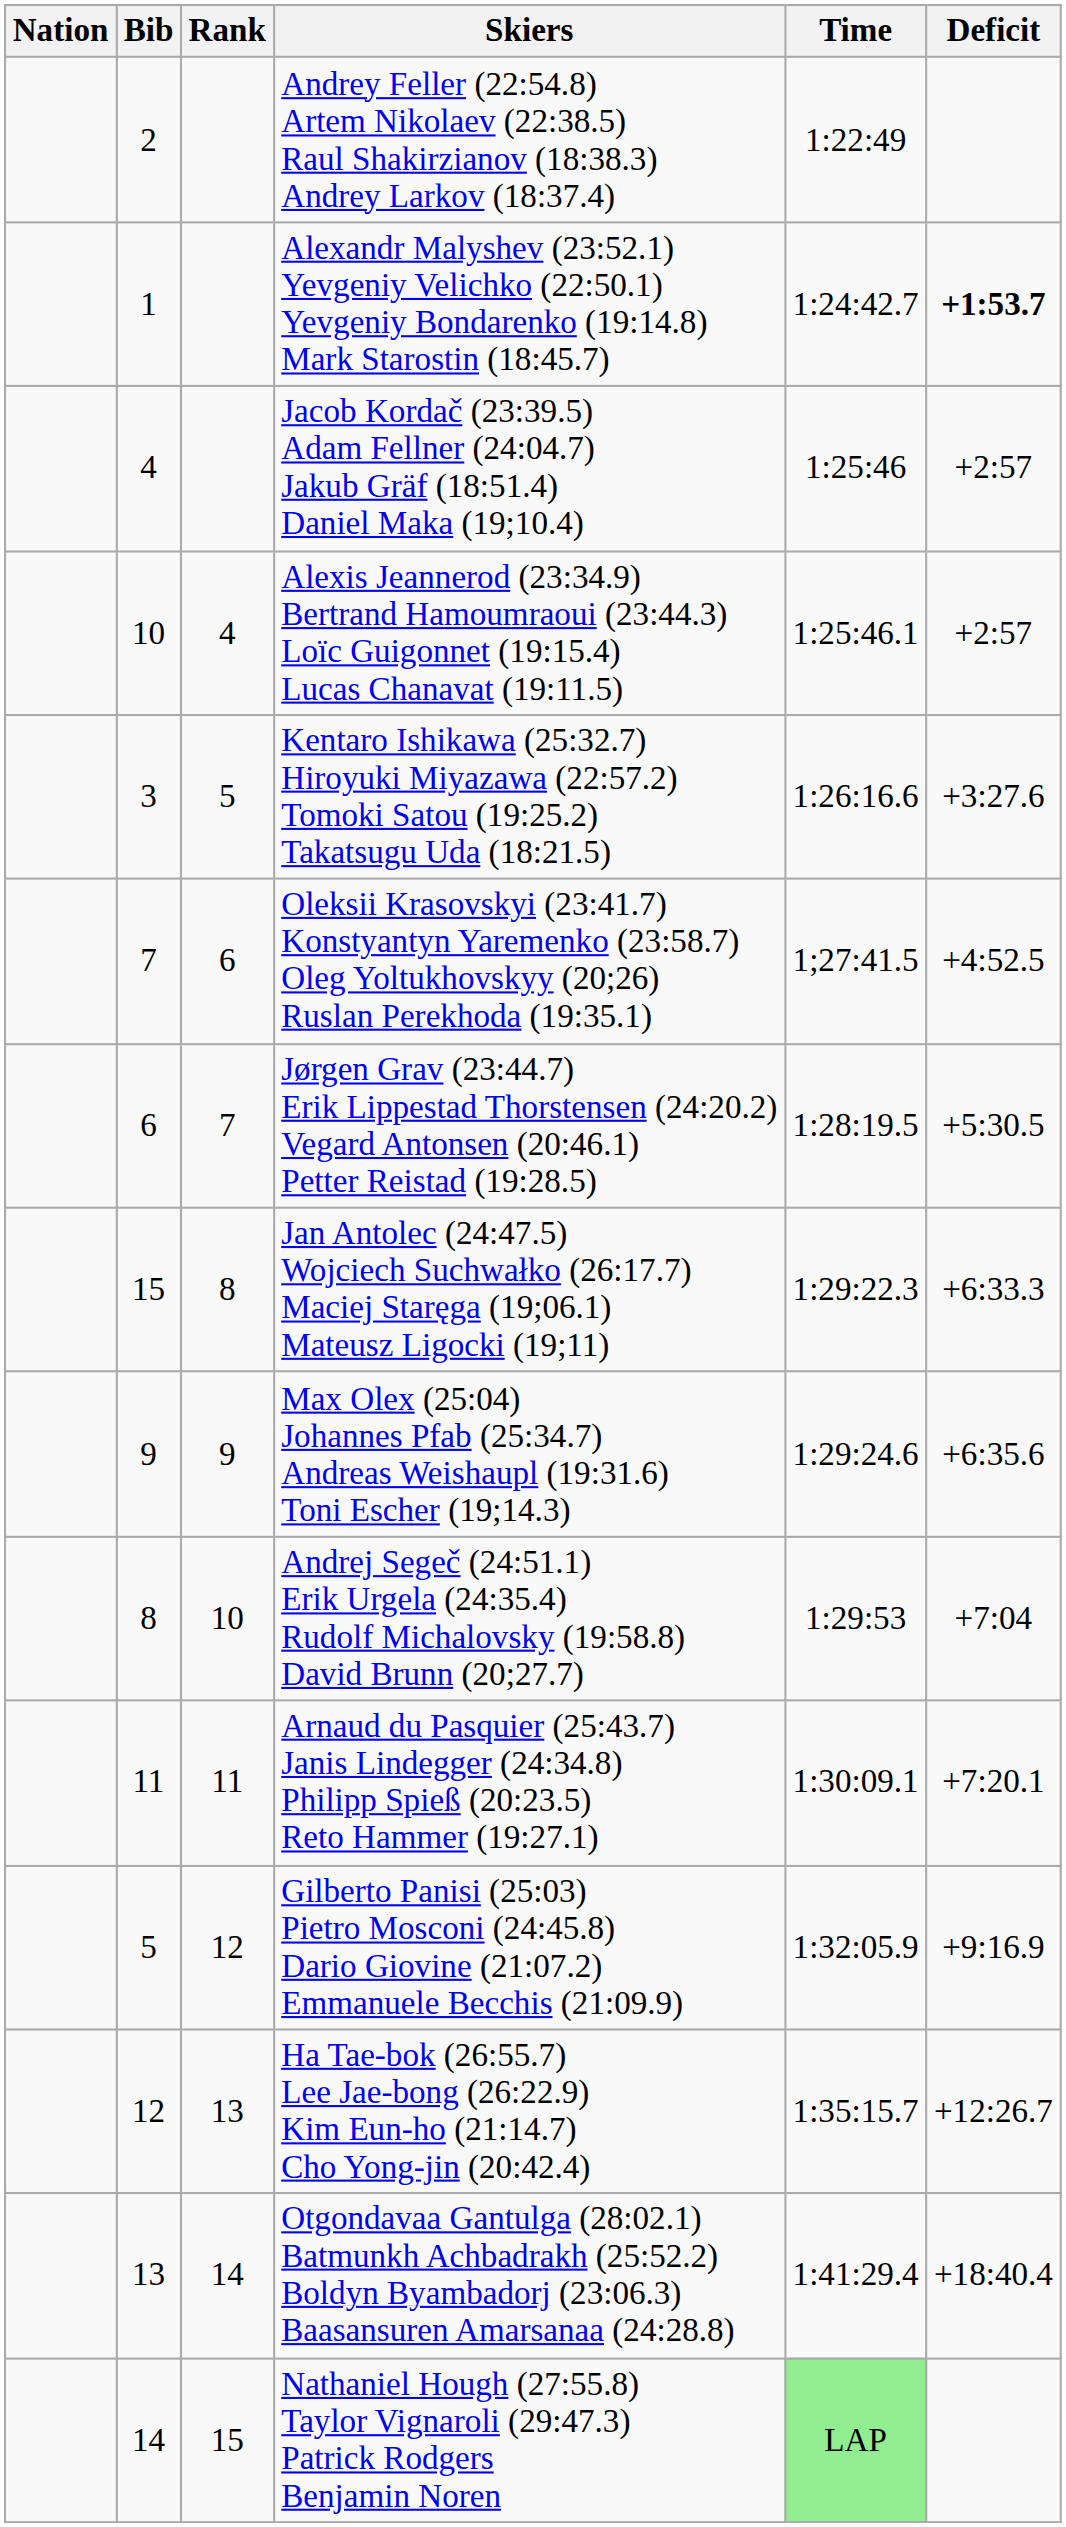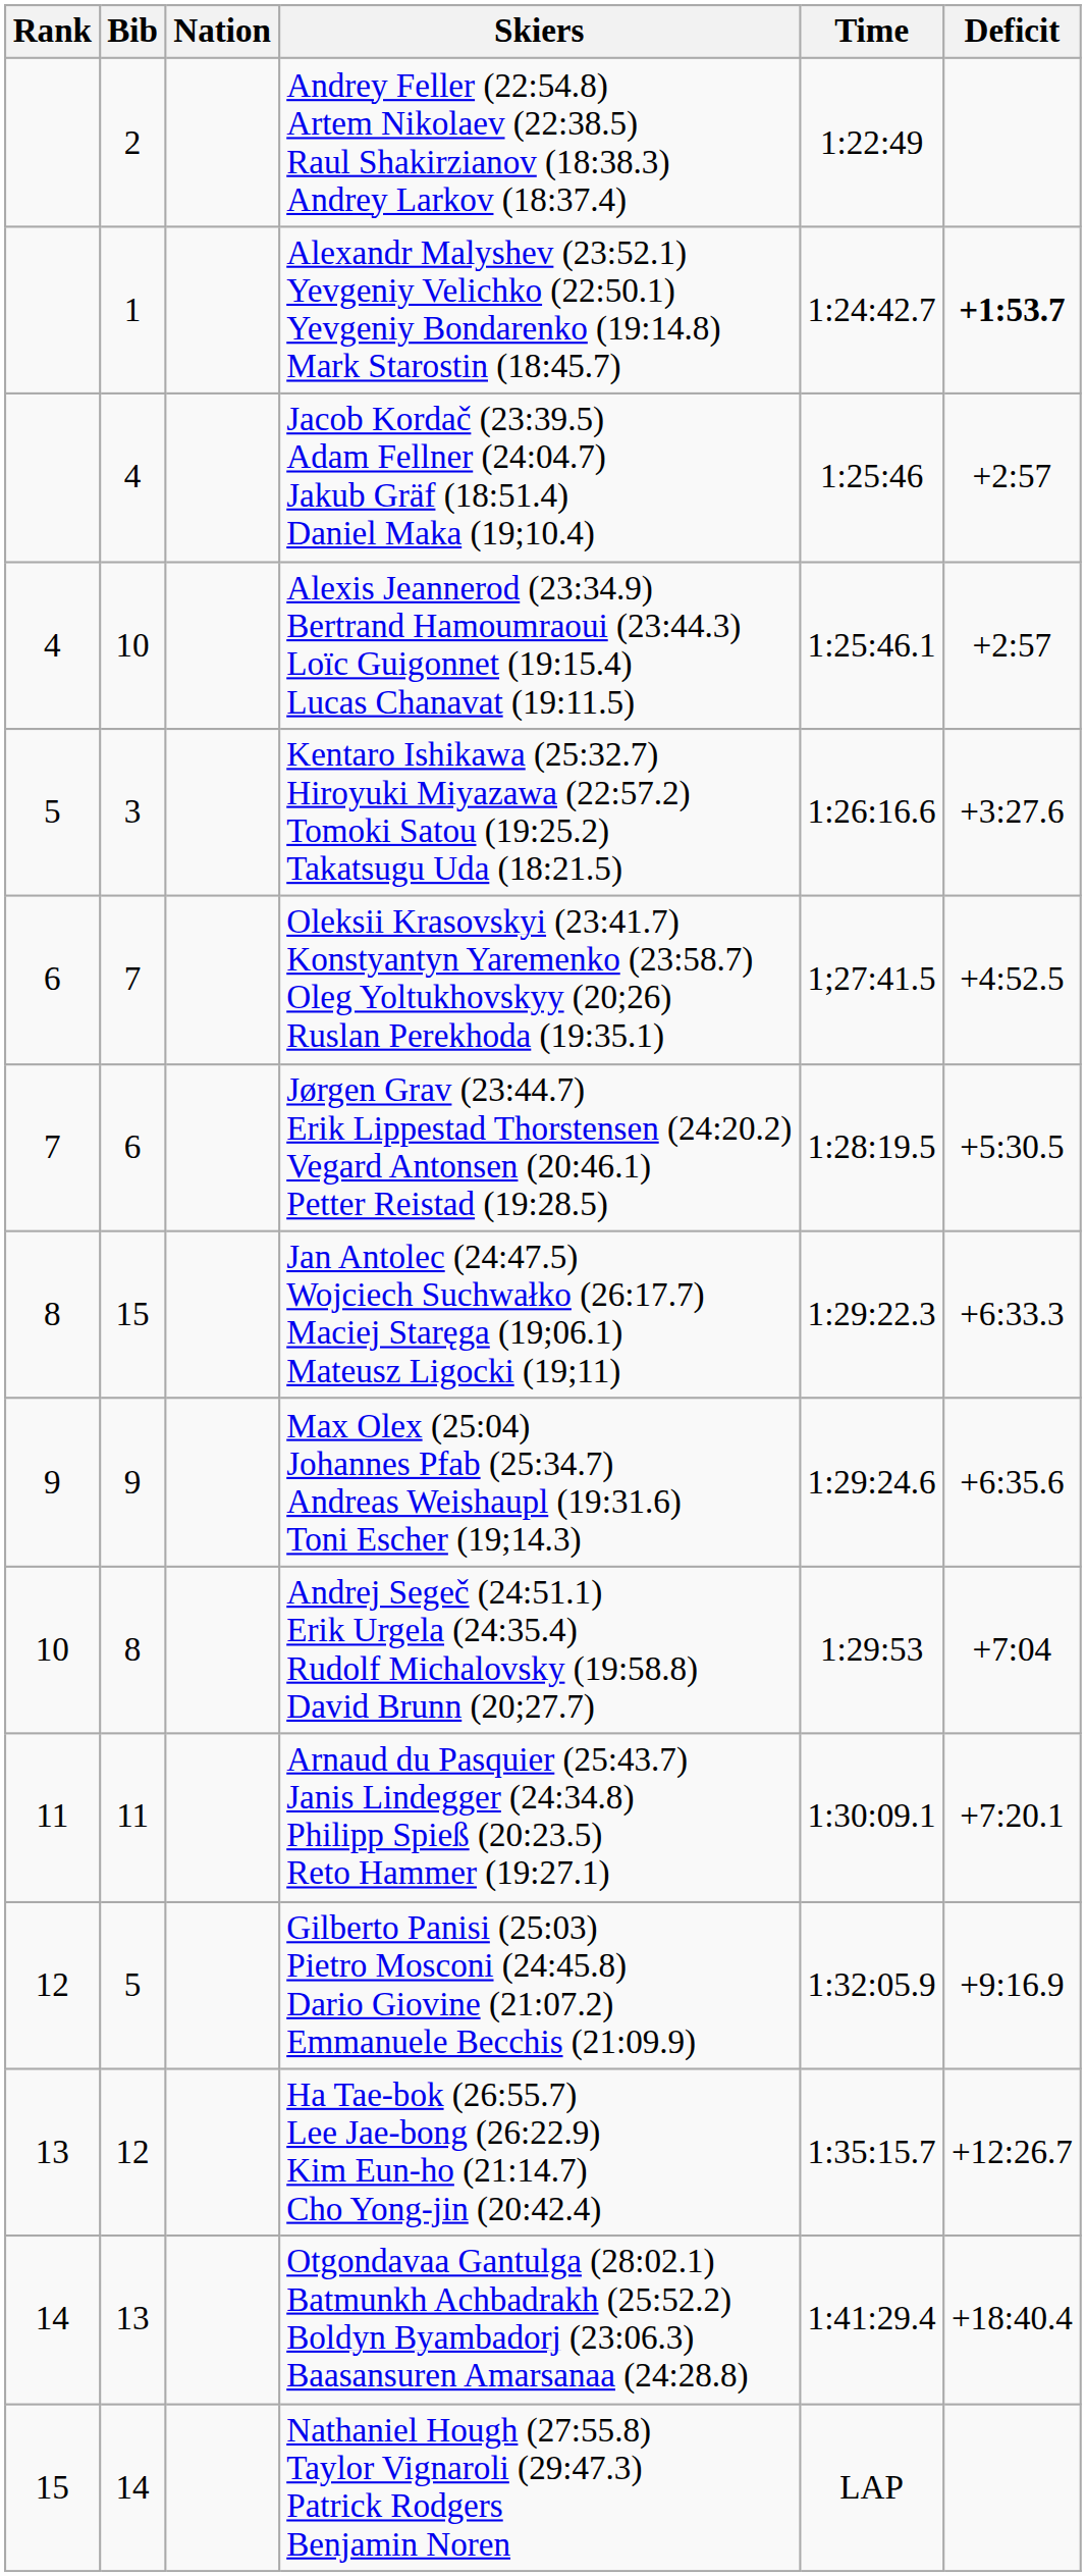 <table class="wikitable sortable" style="text-align:center">
 <tr>
+<th>Rank</th>
+<th>Bib</th>
 <th>Nation</th>
-<th>Bib</th>
-<th>Rank</th>
 <th>Skiers</th>
 <th>Time</th>
 <th>Deficit</th>
 </tr>
 <tr>
+<td></td>
+<td>2</td>
 <td align="left"></td>
-<td>2</td>
-<td></td>
 <td align="left"><a href='#'>Andrey Feller</a> (22:54.8)<br> <a href='#'>Artem Nikolaev</a> (22:38.5)<br><a href='#'>Raul Shakirzianov</a> (18:38.3)<br><a href='#'>Andrey Larkov</a> (18:37.4)</td>
 <td>1:22:49</td>
 <td></td>
 </tr>
 <tr>
+<td></td>
+<td>1</td>
 <td align="left"></td>
-<td>1</td>
-<td></td>
 <td align="left"><a href='#'>Alexandr Malyshev</a> (23:52.1)<br> <a href='#'>Yevgeniy Velichko</a> (22:50.1)<br><a href='#'>Yevgeniy Bondarenko</a> (19:14.8)<br><a href='#'>Mark Starostin</a> (18:45.7)</td>
 <td>1:24:42.7</td>
 <td><strong>+1:53.7</strong></td>
 </tr>
 <tr>
+<td></td>
+<td>4</td>
 <td align="left"></td>
-<td>4</td>
-<td></td>
 <td align="left"><a href='#'>Jacob Kordač</a> (23:39.5)<br> <a href='#'>Adam Fellner</a> (24:04.7)<br><a href='#'>Jakub Gräf</a> (18:51.4)<br><a href='#'>Daniel Maka</a> (19;10.4)</td>
 <td>1:25:46</td>
 <td>+2:57</td>
 </tr>
 <tr>
+<td>4</td>
+<td>10</td>
 <td align="left"></td>
-<td>10</td>
-<td>4</td>
 <td align="left"><a href='#'>Alexis Jeannerod</a> (23:34.9)<br> <a href='#'>Bertrand Hamoumraoui</a> (23:44.3)<br><a href='#'>Loïc Guigonnet</a> (19:15.4)<br><a href='#'>Lucas Chanavat</a> (19:11.5)</td>
 <td>1:25:46.1</td>
 <td>+2:57</td>
 </tr>
 <tr>
+<td>5</td>
+<td>3</td>
 <td align="left"></td>
-<td>3</td>
-<td>5</td>
 <td align="left"><a href='#'>Kentaro Ishikawa</a> (25:32.7)<br> <a href='#'>Hiroyuki Miyazawa</a> (22:57.2)<br><a href='#'>Tomoki Satou</a> (19:25.2)<br><a href='#'>Takatsugu Uda</a> (18:21.5)</td>
 <td>1:26:16.6</td>
 <td>+3:27.6</td>
 </tr>
 <tr>
+<td>6</td>
+<td>7</td>
 <td align="left"></td>
-<td>7</td>
-<td>6</td>
 <td align="left"><a href='#'>Oleksii Krasovskyi</a> (23:41.7)<br> <a href='#'>Konstyantyn Yaremenko</a> (23:58.7)<br><a href='#'>Oleg Yoltukhovskyy</a> (20;26)<br><a href='#'>Ruslan Perekhoda</a> (19:35.1)</td>
 <td>1;27:41.5</td>
 <td>+4:52.5</td>
 </tr>
 <tr>
+<td>7</td>
+<td>6</td>
 <td align="left"></td>
-<td>6</td>
-<td>7</td>
 <td align="left"><a href='#'>Jørgen Grav</a> (23:44.7)<br> <a href='#'>Erik Lippestad Thorstensen</a> (24:20.2)<br><a href='#'>Vegard Antonsen</a> (20:46.1)<br><a href='#'>Petter Reistad</a> (19:28.5)</td>
 <td>1:28:19.5</td>
 <td>+5:30.5</td>
 </tr>
 <tr>
+<td>8</td>
+<td>15</td>
 <td align="left"></td>
-<td>15</td>
-<td>8</td>
 <td align="left"><a href='#'>Jan Antolec</a> (24:47.5)<br> <a href='#'>Wojciech Suchwałko</a> (26:17.7)<br><a href='#'>Maciej Staręga</a> (19;06.1)<br><a href='#'>Mateusz Ligocki</a> (19;11)</td>
 <td>1:29:22.3</td>
 <td>+6:33.3</td>
 </tr>
 <tr>
-<td align="left"></td>
 <td>9</td>
 <td>9</td>
+<td align="left"></td>
 <td align="left"><a href='#'>Max Olex</a> (25:04)<br> <a href='#'>Johannes Pfab</a> (25:34.7)<br><a href='#'>Andreas Weishaupl</a> (19:31.6)<br><a href='#'>Toni Escher</a> (19;14.3)</td>
 <td>1:29:24.6</td>
 <td>+6:35.6</td>
 </tr>
 <tr>
+<td>10</td>
+<td>8</td>
 <td align="left"></td>
-<td>8</td>
-<td>10</td>
 <td align="left"><a href='#'>Andrej Segeč</a> (24:51.1)<br> <a href='#'>Erik Urgela</a> (24:35.4)<br><a href='#'>Rudolf Michalovsky</a> (19:58.8)<br><a href='#'>David Brunn</a> (20;27.7)</td>
 <td>1:29:53</td>
 <td>+7:04</td>
 </tr>
 <tr>
-<td align="left"></td>
 <td>11</td>
 <td>11</td>
+<td align="left"></td>
 <td align="left"><a href='#'>Arnaud du Pasquier</a> (25:43.7)<br> <a href='#'>Janis Lindegger</a> (24:34.8)<br><a href='#'>Philipp Spieß</a> (20:23.5)<br><a href='#'>Reto Hammer</a> (19:27.1)</td>
 <td>1:30:09.1</td>
 <td>+7:20.1</td>
 </tr>
 <tr>
+<td>12</td>
+<td>5</td>
 <td align="left"></td>
-<td>5</td>
-<td>12</td>
 <td align="left"><a href='#'>Gilberto Panisi</a> (25:03)<br> <a href='#'>Pietro Mosconi</a> (24:45.8)<br><a href='#'>Dario Giovine</a> (21:07.2)<br><a href='#'>Emmanuele Becchis</a> (21:09.9)</td>
 <td>1:32:05.9</td>
 <td>+9:16.9</td>
 </tr>
 <tr>
+<td>13</td>
+<td>12</td>
 <td align="left"></td>
-<td>12</td>
-<td>13</td>
 <td align="left"><a href='#'>Ha Tae-bok</a> (26:55.7)<br> <a href='#'>Lee Jae-bong</a> (26:22.9)<br><a href='#'>Kim Eun-ho</a> (21:14.7)<br><a href='#'>Cho Yong-jin</a> (20:42.4)</td>
 <td>1:35:15.7</td>
 <td>+12:26.7</td>
 </tr>
 <tr>
+<td>14</td>
+<td>13</td>
 <td align="left"></td>
-<td>13</td>
-<td>14</td>
 <td align="left"><a href='#'>Otgondavaa Gantulga</a> (28:02.1)<br> <a href='#'>Batmunkh Achbadrakh</a> (25:52.2)<br><a href='#'>Boldyn Byambadorj</a> (23:06.3)<br><a href='#'>Baasansuren Amarsanaa</a> (24:28.8)</td>
 <td>1:41:29.4</td>
 <td>+18:40.4</td>
 </tr>
 <tr>
+<td>15</td>
+<td>14</td>
 <td align="left"></td>
-<td>14</td>
-<td>15</td>
 <td align="left"><a href='#'>Nathaniel Hough</a> (27:55.8)<br> <a href='#'>Taylor Vignaroli</a> (29:47.3)<br><a href='#'>Patrick Rodgers</a><br><a href='#'>Benjamin Noren</a></td>
-<td style="background: lightgreen;">LAP</td>
+<td>LAP</td>
 <td></td>
 </tr>
 </table>
